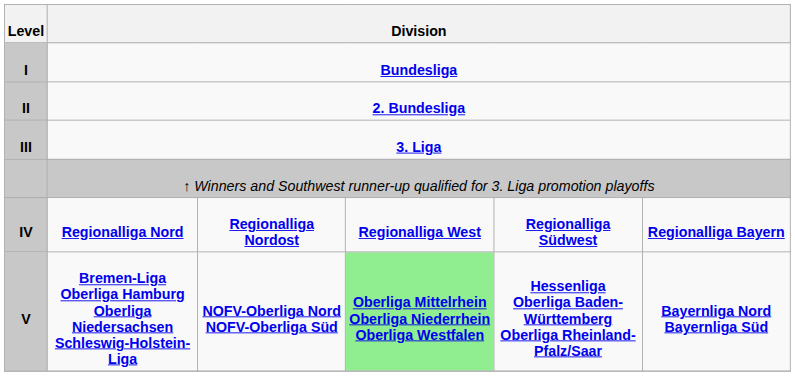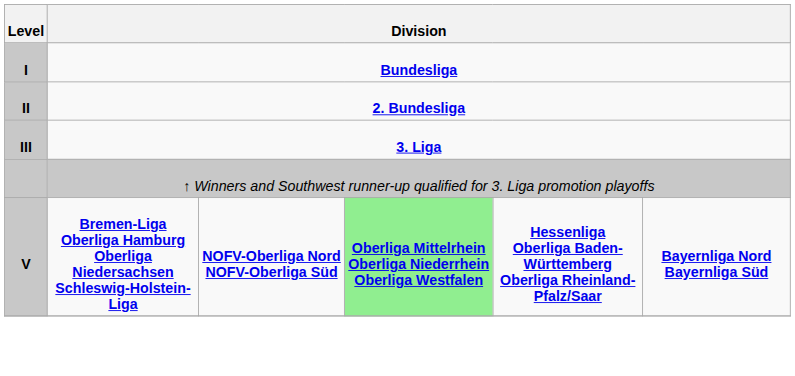 <table class="wikitable" style="text-align:center" height="30" width="100%">
 <tr style="background:#c8c8c8">
 <th colspan="1" height="30"><br>Level</th>
 <th colspan="5"><br>Division</th>
 </tr>
 <tr>
 <td colspan="1" style="background:#c8c8c8"><br><strong>I</strong></td>
 <td colspan="5"><br><strong><a href='#'>Bundesliga</a></strong></td>
 </tr>
 <tr>
 <td colspan="1" style="background:#c8c8c8"><br><strong>II</strong></td>
 <td colspan="5"><br><strong><a href='#'>2. Bundesliga</a></strong></td>
 </tr>
 <tr>
 <td colspan="1" style="background:#c8c8c8"><br><strong>III</strong></td>
 <td colspan="5"><br><strong><a href='#'>3. Liga</a></strong></td>
 </tr>
 <tr style="background:#c8c8c8">
 <td colspan="1"></td>
 <td colspan="5"><br><em> ↑ Winners and Southwest runner-up qualified for 3. Liga promotion playoffs</em></td>
 </tr>
 <tr>
-<td colspan="1" style="background:#c8c8c8"><br><strong>IV</strong></td>
-<td colspan="1"><br><strong><a href='#'>Regionalliga Nord</a></strong></td>
-<td colspan="1"><br><strong><a href='#'>Regionalliga Nordost</a></strong></td>
-<td colspan="1"><br><strong><a href='#'>Regionalliga West</a></strong></td>
-<td colspan="1"><br><strong><a href='#'>Regionalliga Südwest</a></strong></td>
-<td colspan="1"><br><strong><a href='#'>Regionalliga Bayern</a></strong></td>
-</tr>
-<tr>
 <td colspan="1" style="background:#c8c8c8"><br><strong>V</strong></td>
 <td colspan="1" width="20%"><br><strong><a href='#'>Bremen-Liga</a></strong><br> <strong><a href='#'>Oberliga Hamburg</a></strong><br> <strong><a href='#'>Oberliga Niedersachsen</a></strong><br> <strong><a href='#'>Schleswig-Holstein-Liga</a></strong></td>
 <td colspan="1" width="20%"><br><strong><a href='#'>NOFV-Oberliga Nord</a></strong><br> <strong><a href='#'>NOFV-Oberliga Süd</a></strong></td>
 <td colspan="1" width="20%" style="background: lightgreen;"><br><strong><a href='#'>Oberliga Mittelrhein</a></strong><br> <strong><a href='#'>Oberliga Niederrhein</a></strong><br> <strong><a href='#'>Oberliga Westfalen</a></strong></td>
 <td colspan="1" width="20%"><br><strong><a href='#'>Hessenliga</a></strong><br> <strong><a href='#'>Oberliga Baden-Württemberg</a></strong><br>  <strong><a href='#'>Oberliga Rheinland-Pfalz/Saar</a></strong></td>
 <td colspan="1" width="20%"><br><strong><a href='#'>Bayernliga Nord</a></strong><br> <strong><a href='#'>Bayernliga Süd</a></strong></td>
 </tr>
 <tr>
 </tr>
 </table>
